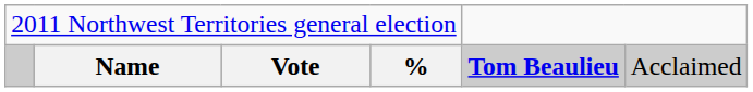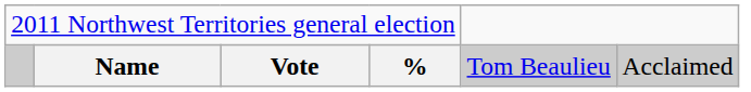 <table class="wikitable">
 <tr>
 <td colspan=4 align=center><a href='#'>2011 Northwest Territories general election</a></td>
 </tr>
 <tr bgcolor="CCCCCC">
 <td></td>
 <th><strong>Name </strong></th>
 <th><strong>Vote</strong></th>
 <th><strong>%</strong><br></th>
-<td><strong><a href='#'>Tom Beaulieu</a></strong></td>
+<td><a href='#'>Tom Beaulieu</a></td>
 <td colspan="2" align=center>Acclaimed</td>
 </tr>
 </table>
